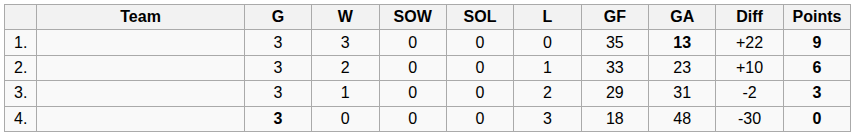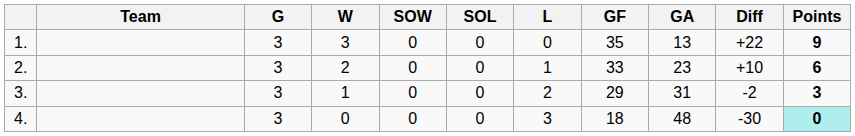 <table class=wikitable style="text-align:center">
 <tr bgcolor="#DCDCDC">
 <th width="25"></th>
 <th width="200">Team</th>
 <th width="60">G</th>
 <th width="60">W</th>
 <th width="60">SOW</th>
 <th width="60">SOL</th>
 <th width="60">L</th>
 <th width="60">GF</th>
 <th width="60">GA</th>
 <th width="60">Diff</th>
 <th width="60">Points</th>
 </tr>
 <tr>
 <td>1.</td>
 <td align=left></td>
 <td>3</td>
 <td>3</td>
 <td>0</td>
 <td>0</td>
 <td>0</td>
 <td>35</td>
-<td><strong>13</strong></td>
+<td>13</td>
 <td>+22</td>
 <td><strong>9</strong></td>
 </tr>
 <tr>
 <td>2.</td>
 <td align=left></td>
 <td>3</td>
 <td>2</td>
 <td>0</td>
 <td>0</td>
 <td>1</td>
 <td>33</td>
 <td>23</td>
 <td>+10</td>
 <td><strong>6</strong></td>
 </tr>
 <tr>
 <td>3.</td>
 <td align=left></td>
 <td>3</td>
 <td>1</td>
 <td>0</td>
 <td>0</td>
 <td>2</td>
 <td>29</td>
 <td>31</td>
 <td>-2</td>
 <td><strong>3</strong></td>
 </tr>
 <tr>
 <td>4.</td>
 <td align=left></td>
-<td><strong>3</strong></td>
+<td>3</td>
 <td>0</td>
 <td>0</td>
 <td>0</td>
 <td>3</td>
 <td>18</td>
 <td>48</td>
 <td>-30</td>
-<td><strong>0</strong></td>
+<td style="background: paleturquoise;"><strong>0</strong></td>
 </tr>
 <tr>
 </tr>
 </table>
